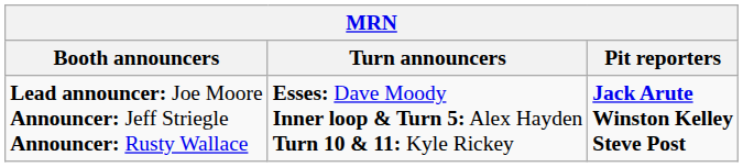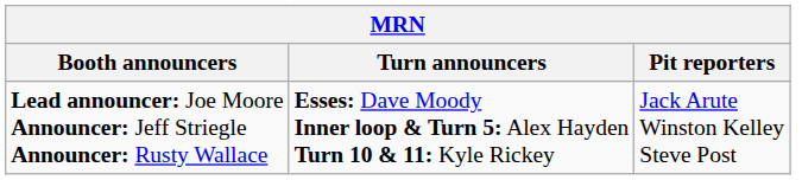 <table class="wikitable" style="font-size: 95%">
 <tr>
 <th colspan="3"><a href='#'>MRN</a></th>
 </tr>
 <tr>
 <th>Booth announcers</th>
 <th>Turn announcers</th>
 <th>Pit reporters</th>
 </tr>
 <tr>
 <td><strong>Lead announcer:</strong> Joe Moore<br><strong>Announcer:</strong> Jeff Striegle<br><strong>Announcer:</strong> <a href='#'>Rusty Wallace</a></td>
 <td><strong>Esses:</strong> <a href='#'>Dave Moody</a> <br><strong>Inner loop & Turn 5:</strong> Alex Hayden<br><strong>Turn 10 & 11:</strong> Kyle Rickey</td>
-<td><strong><a href='#'>Jack Arute</a><br>Winston Kelley<br>Steve Post</strong></td>
+<td><a href='#'>Jack Arute</a><br>Winston Kelley<br>Steve Post</td>
 </tr>
 </table>
